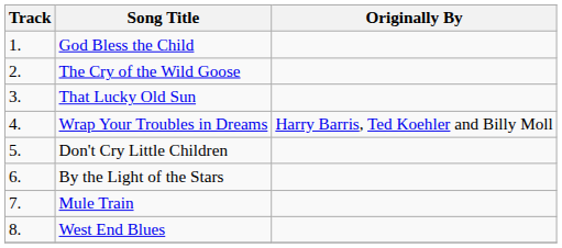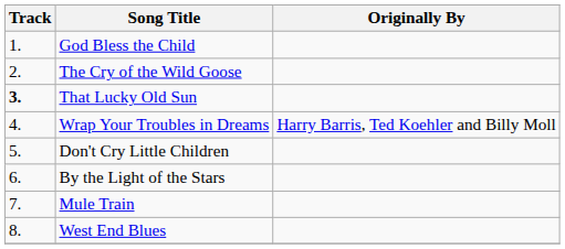 <table class="wikitable">
 <tr>
 <th>Track</th>
 <th>Song Title</th>
 <th>Originally By</th>
 </tr>
 <tr>
 <td>1.</td>
 <td><a href='#'>God Bless the Child</a></td>
 <td></td>
 </tr>
 <tr>
 <td>2.</td>
 <td><a href='#'>The Cry of the Wild Goose</a></td>
 <td></td>
 </tr>
 <tr>
-<td>3.</td>
+<td><strong>3.</strong></td>
 <td><a href='#'>That Lucky Old Sun</a></td>
 <td></td>
 </tr>
 <tr>
 <td>4.</td>
 <td><a href='#'>Wrap Your Troubles in Dreams</a></td>
 <td><a href='#'>Harry Barris</a>, <a href='#'>Ted Koehler</a> and Billy Moll</td>
 </tr>
 <tr>
 <td>5.</td>
 <td>Don't Cry Little Children</td>
 <td></td>
 </tr>
 <tr>
 <td>6.</td>
 <td>By the Light of the Stars</td>
 <td></td>
 </tr>
 <tr>
 <td>7.</td>
 <td><a href='#'>Mule Train</a></td>
 <td></td>
 </tr>
 <tr>
 <td>8.</td>
 <td><a href='#'>West End Blues</a></td>
 <td></td>
 </tr>
 <tr>
 </tr>
 </table>
